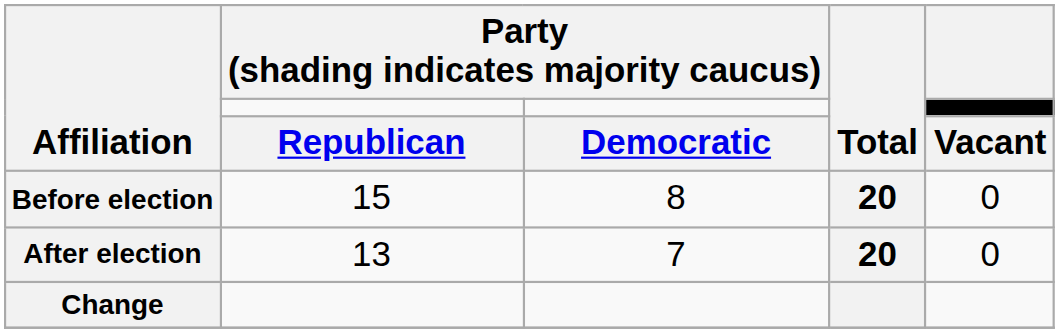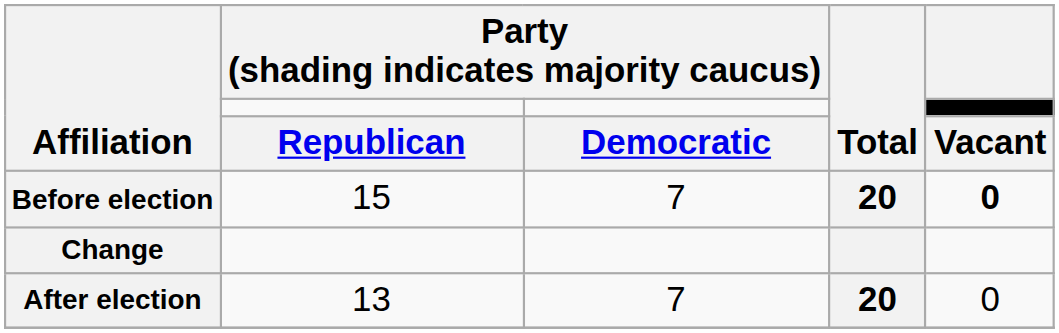 <table class=wikitable style="text-align:center">
 <tr style="vertical-align:bottom;">
 <th rowspan=3>Affiliation</th>
 <th colspan=2>Party <div>(shading indicates majority caucus)</div></th>
 <th rowspan=3>Total</th>
 <th></th>
 </tr>
 <tr style="height:5px">
 <td style="background-color:"></td>
 <td style="background-color:"></td>
 <td style="background: black"></td>
 </tr>
 <tr>
 <th><a href='#'>Republican</a></th>
 <th><a href='#'>Democratic</a></th>
 <th>Vacant</th>
 </tr>
 <tr>
 <th nowrap style="font-size:80%">Before election</th>
 <td>15</td>
-<td>8</td>
+<td>7</td>
 <th>20</th>
-<td>0</td>
+<td><strong>0</strong></td>
+</tr>
+<tr>
+<th nowrap style="font-size:80%">Change</th>
+<td></td>
+<td></td>
+<th></th>
+<td></td>
 </tr>
 <tr>
 <th nowrap style="font-size:80%">After election</th>
 <td>13</td>
 <td>7</td>
 <th>20</th>
 <td>0</td>
 </tr>
 <tr>
-<th nowrap style="font-size:80%">Change</th>
-<td></td>
-<td></td>
-<th></th>
-<td></td>
-</tr>
-<tr>
 </tr>
 </table>
